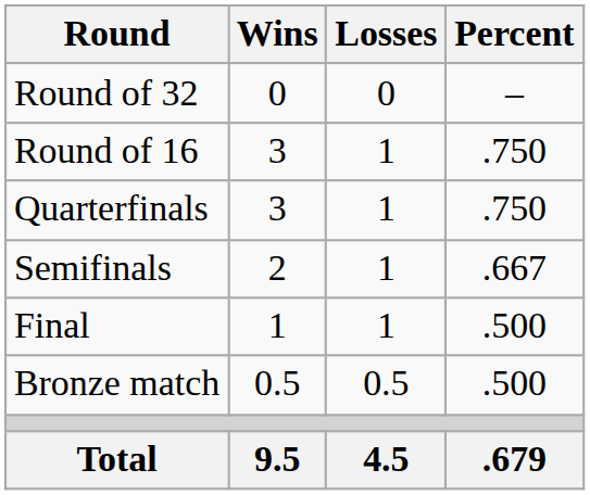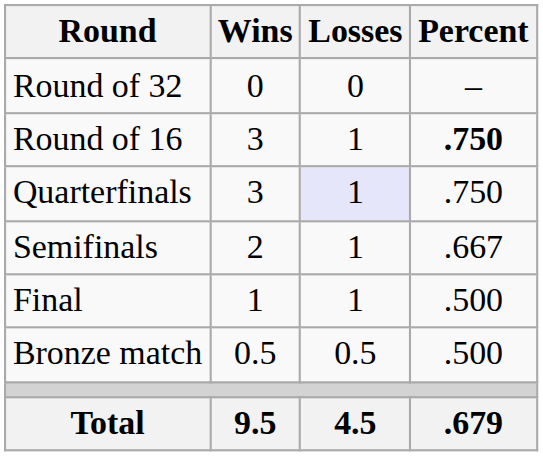 <table class=wikitable>
 <tr>
 <th>Round</th>
 <th>Wins</th>
 <th>Losses</th>
 <th>Percent</th>
 </tr>
 <tr align=center>
 <td align=left>Round of 32</td>
 <td>0</td>
 <td>0</td>
 <td>–</td>
 </tr>
 <tr align=center>
 <td align=left>Round of 16</td>
 <td>3</td>
 <td>1</td>
-<td>.750</td>
+<td><strong>.750</strong></td>
 </tr>
 <tr align=center>
 <td align=left>Quarterfinals</td>
 <td>3</td>
-<td>1</td>
+<td style="background: lavender;">1</td>
 <td>.750</td>
 </tr>
 <tr align=center>
 <td align=left>Semifinals</td>
 <td>2</td>
 <td>1</td>
 <td>.667</td>
 </tr>
 <tr align=center>
 <td align=left>Final</td>
 <td>1</td>
 <td>1</td>
 <td>.500</td>
 </tr>
 <tr align=center>
 <td align=left>Bronze match</td>
 <td>0.5</td>
 <td>0.5</td>
 <td>.500</td>
 </tr>
 <tr>
 <td colspan=4 bgcolor=lightgray></td>
 </tr>
 <tr>
 <th>Total</th>
 <th>9.5</th>
 <th>4.5</th>
 <th>.679</th>
 </tr>
 </table>
